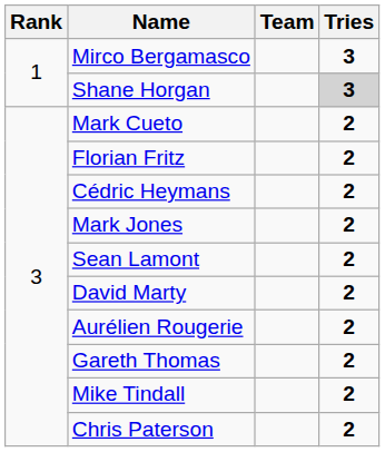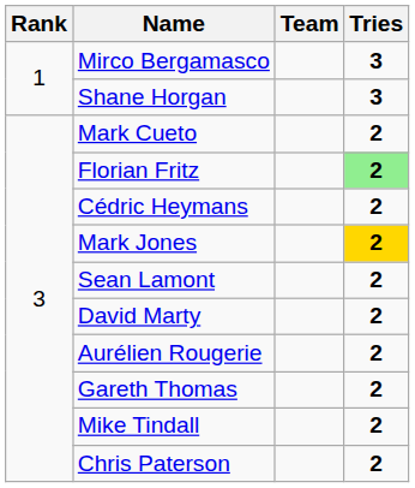 <table class="wikitable" style="text-align:center">
 <tr>
 <th>Rank</th>
 <th>Name</th>
 <th>Team</th>
 <th>Tries</th>
 </tr>
 <tr>
 <td rowspan=2>1</td>
 <td align="left"><a href='#'>Mirco Bergamasco</a></td>
 <td align="left"></td>
 <td><strong>3</strong></td>
 </tr>
 <tr>
 <td align="left"><a href='#'>Shane Horgan</a></td>
 <td align="left"></td>
-<td style="background: lightgrey;"><strong>3</strong></td>
+<td><strong>3</strong></td>
 </tr>
 <tr>
 <td rowspan=10>3</td>
 <td align="left"><a href='#'>Mark Cueto</a></td>
 <td align="left"></td>
 <td><strong>2</strong></td>
 </tr>
 <tr>
 <td align="left"><a href='#'>Florian Fritz</a></td>
 <td align="left"></td>
-<td><strong>2</strong></td>
+<td style="background: lightgreen;"><strong>2</strong></td>
 </tr>
 <tr>
 <td align="left"><a href='#'>Cédric Heymans</a></td>
 <td align="left"></td>
 <td><strong>2</strong></td>
 </tr>
 <tr>
 <td align="left"><a href='#'>Mark Jones</a></td>
 <td align="left"></td>
-<td><strong>2</strong></td>
+<td style="background: gold;"><strong>2</strong></td>
 </tr>
 <tr>
 <td align="left"><a href='#'>Sean Lamont</a></td>
 <td align="left"></td>
 <td><strong>2</strong></td>
 </tr>
 <tr>
 <td align="left"><a href='#'>David Marty</a></td>
 <td align="left"></td>
 <td><strong>2</strong></td>
 </tr>
 <tr>
 <td align="left"><a href='#'>Aurélien Rougerie</a></td>
 <td align="left"></td>
 <td><strong>2</strong></td>
 </tr>
 <tr>
 <td align="left"><a href='#'>Gareth Thomas</a></td>
 <td align="left"></td>
 <td><strong>2</strong></td>
 </tr>
 <tr>
 <td align="left"><a href='#'>Mike Tindall</a></td>
 <td align="left"></td>
 <td><strong>2</strong></td>
 </tr>
 <tr>
 <td align="left"><a href='#'>Chris Paterson</a></td>
 <td align="left"></td>
 <td><strong>2</strong></td>
 </tr>
 </table>
